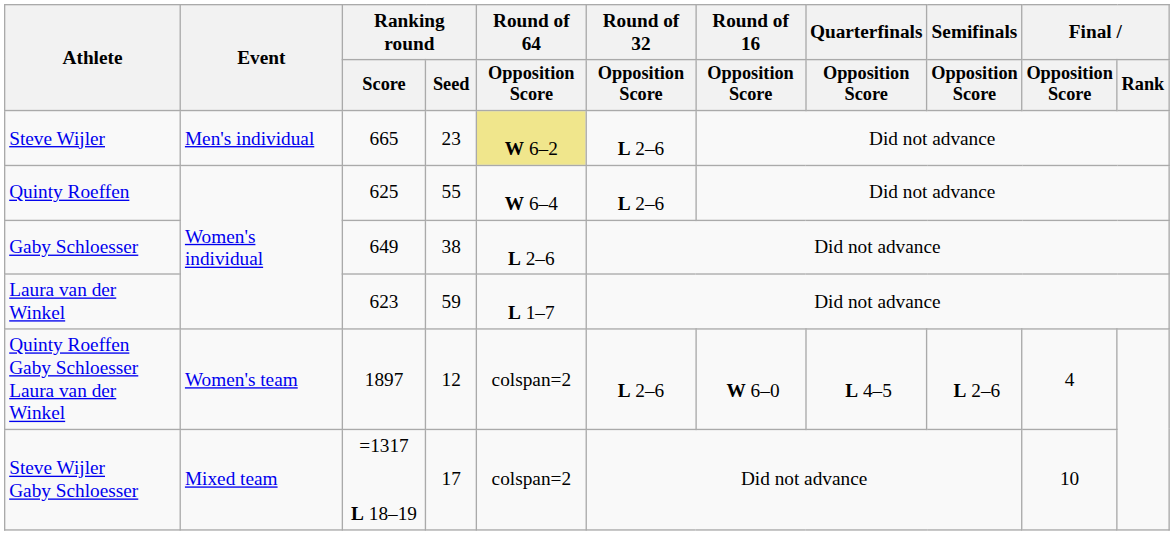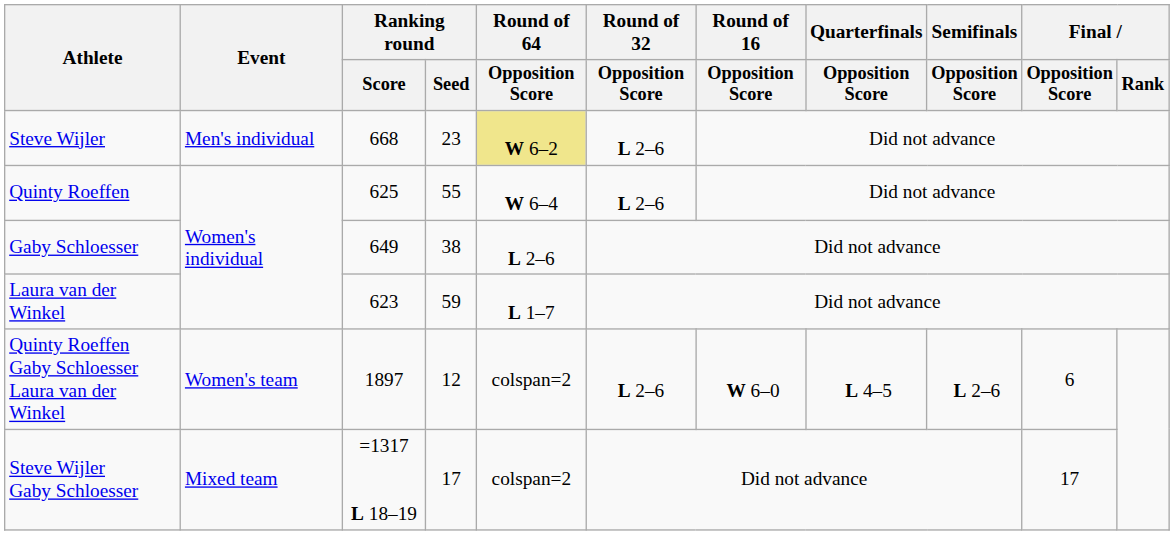 <table class="wikitable" style="font-size:90%; text-align:center">
 <tr>
 <th rowspan=2>Athlete</th>
 <th rowspan=2>Event</th>
 <th colspan="2">Ranking round</th>
 <th>Round of 64</th>
 <th>Round of 32</th>
 <th>Round of 16</th>
 <th>Quarterfinals</th>
 <th>Semifinals</th>
 <th colspan="2">Final / </th>
 </tr>
 <tr style="font-size:95%">
 <th>Score</th>
 <th>Seed</th>
 <th>Opposition<br>Score</th>
 <th>Opposition<br>Score</th>
 <th>Opposition<br>Score</th>
 <th>Opposition<br>Score</th>
 <th>Opposition<br>Score</th>
 <th>Opposition<br>Score</th>
 <th>Rank</th>
 </tr>
 <tr align=center>
 <td align=left><a href='#'>Steve Wijler</a></td>
 <td align=left><a href='#'>Men's individual</a></td>
-<td>665</td>
+<td>668</td>
 <td>23</td>
 <td style="background: khaki;"><br><strong>W</strong> 6–2</td>
 <td><br><strong>L</strong> 2–6</td>
 <td colspan=5>Did not advance</td>
 </tr>
 <tr align=center>
 <td align=left><a href='#'>Quinty Roeffen</a></td>
 <td align=left rowspan=3><a href='#'>Women's individual</a></td>
 <td>625</td>
 <td>55</td>
 <td><br><strong>W</strong> 6–4</td>
 <td><br><strong>L</strong> 2–6</td>
 <td colspan=5>Did not advance</td>
 </tr>
 <tr>
 <td align=left><a href='#'>Gaby Schloesser</a></td>
 <td>649</td>
 <td>38</td>
 <td><br><strong>L</strong> 2–6</td>
 <td colspan=6>Did not advance</td>
 </tr>
 <tr>
 <td align=left><a href='#'>Laura van der Winkel</a></td>
 <td>623</td>
 <td>59</td>
 <td><br><strong>L</strong> 1–7</td>
 <td colspan=6>Did not advance</td>
 </tr>
 <tr align=center>
 <td align=left><a href='#'>Quinty Roeffen</a><br><a href='#'>Gaby Schloesser</a><br><a href='#'>Laura van der Winkel</a></td>
 <td align=left><a href='#'>Women's team</a></td>
 <td>1897</td>
 <td>12</td>
 <td>colspan=2 </td>
 <td><br><strong>L</strong> 2–6</td>
 <td><br><strong> </strong>  <strong>W</strong> 6–0 </td>
 <td> <br><strong> </strong>  <strong>L</strong> 4–5 </td>
 <td> <br><strong> </strong>  <strong>L</strong> 2–6 </td>
-<td>4</td>
+<td>6</td>
 </tr>
 <tr align=center>
 <td align=left><a href='#'>Steve Wijler</a><br><a href='#'>Gaby Schloesser</a></td>
 <td align=left><a href='#'>Mixed team</a></td>
 <td>=1317 <strong></strong><br><br><br><strong>L</strong> 18–19</td>
 <td>17</td>
 <td>colspan=2 </td>
 <td colspan=4>Did not advance</td>
-<td>10</td>
+<td>17</td>
 </tr>
 </table>
